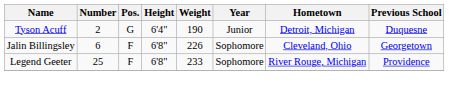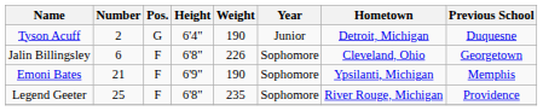 <table class="wikitable sortable" style="text-align: center">
 <tr align=center>
 <th style="background:#">Name</th>
 <th style="background:#">Number</th>
 <th style="background:#">Pos.</th>
 <th style="background:#">Height</th>
 <th style="background:#">Weight</th>
 <th style="background:#">Year</th>
 <th style="background:#">Hometown</th>
 <th style="background:#">Previous School</th>
 </tr>
 <tr>
 <td><a href='#'>Tyson Acuff</a></td>
 <td>2</td>
 <td>G</td>
 <td>6'4"</td>
 <td>190</td>
 <td>Junior</td>
 <td><a href='#'>Detroit, Michigan</a></td>
 <td><a href='#'>Duquesne</a></td>
 </tr>
 <tr>
 <td>Jalin Billingsley</td>
 <td>6</td>
 <td>F</td>
 <td>6'8"</td>
 <td>226</td>
 <td>Sophomore</td>
 <td><a href='#'>Cleveland, Ohio</a></td>
 <td><a href='#'>Georgetown</a></td>
 </tr>
 <tr>
+<td><a href='#'>Emoni Bates</a></td>
+<td>21</td>
+<td>F</td>
+<td>6'9"</td>
+<td>190</td>
+<td>Sophomore</td>
+<td><a href='#'>Ypsilanti, Michigan</a></td>
+<td><a href='#'>Memphis</a></td>
+</tr>
+<tr>
 <td>Legend Geeter</td>
 <td>25</td>
 <td>F</td>
 <td>6'8"</td>
-<td>233</td>
+<td>235</td>
 <td>Sophomore</td>
 <td><a href='#'>River Rouge, Michigan</a></td>
 <td><a href='#'>Providence</a></td>
 </tr>
 <tr>
 </tr>
 </table>
